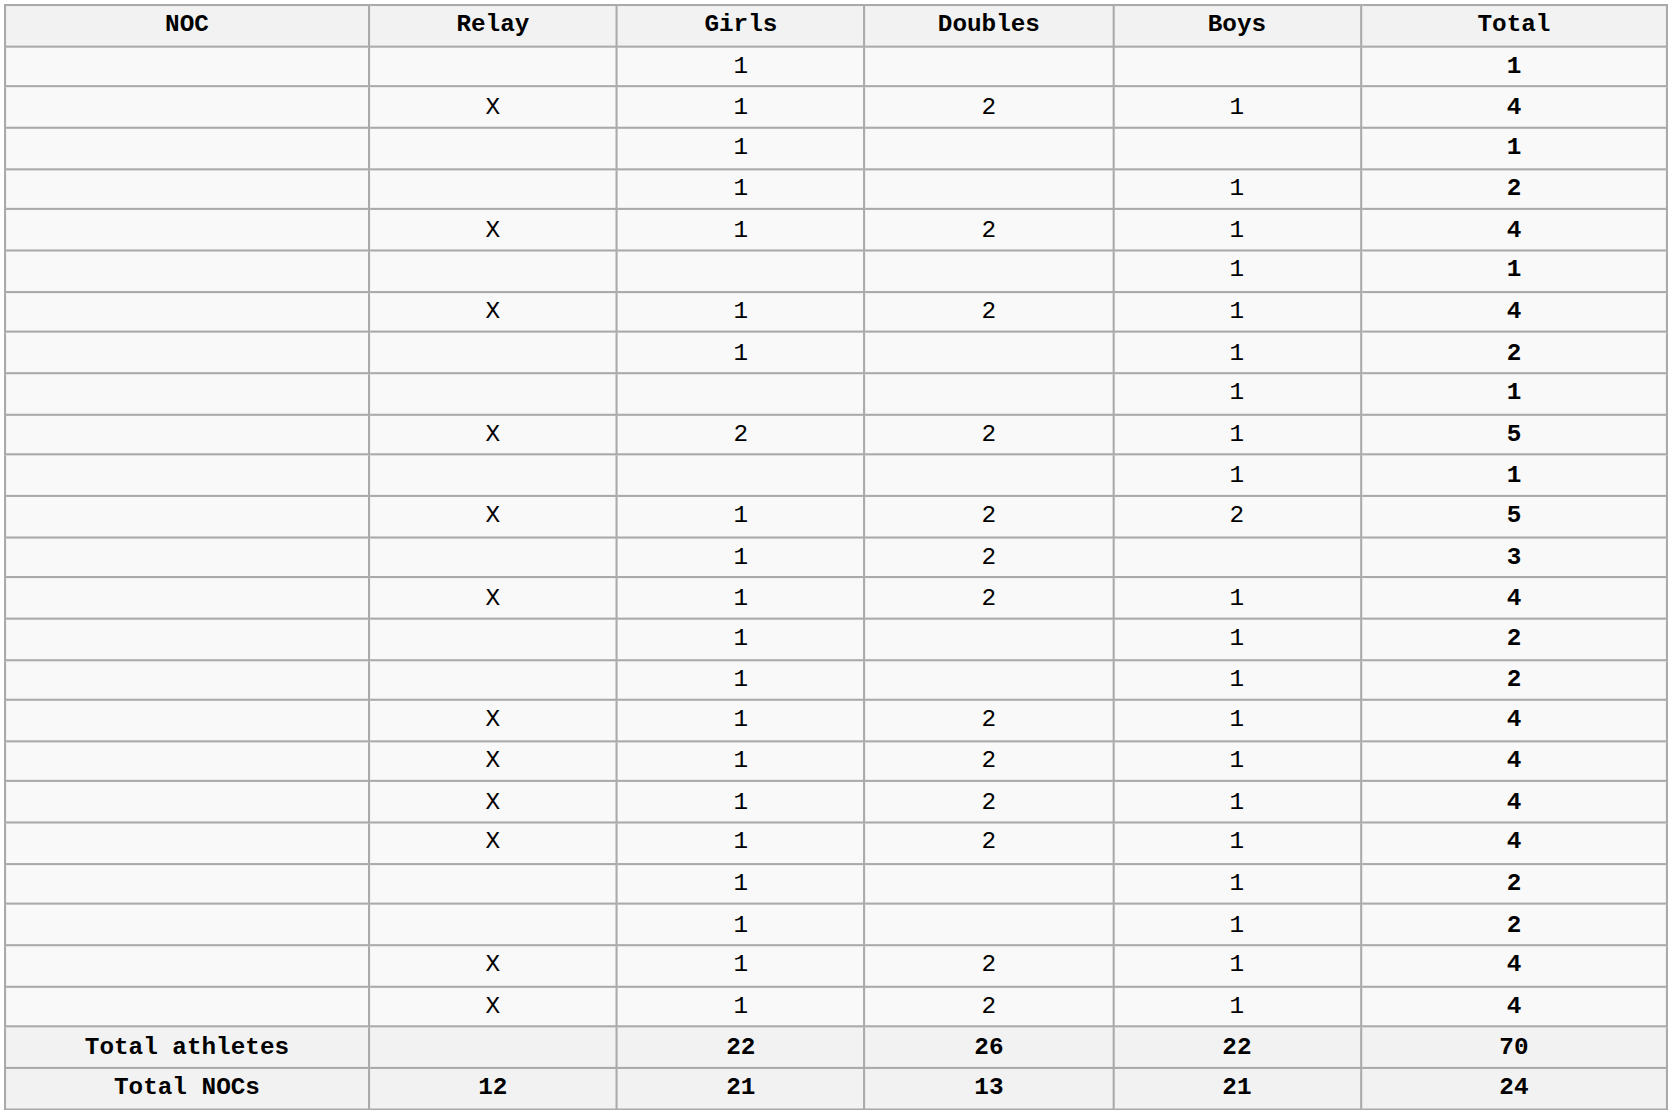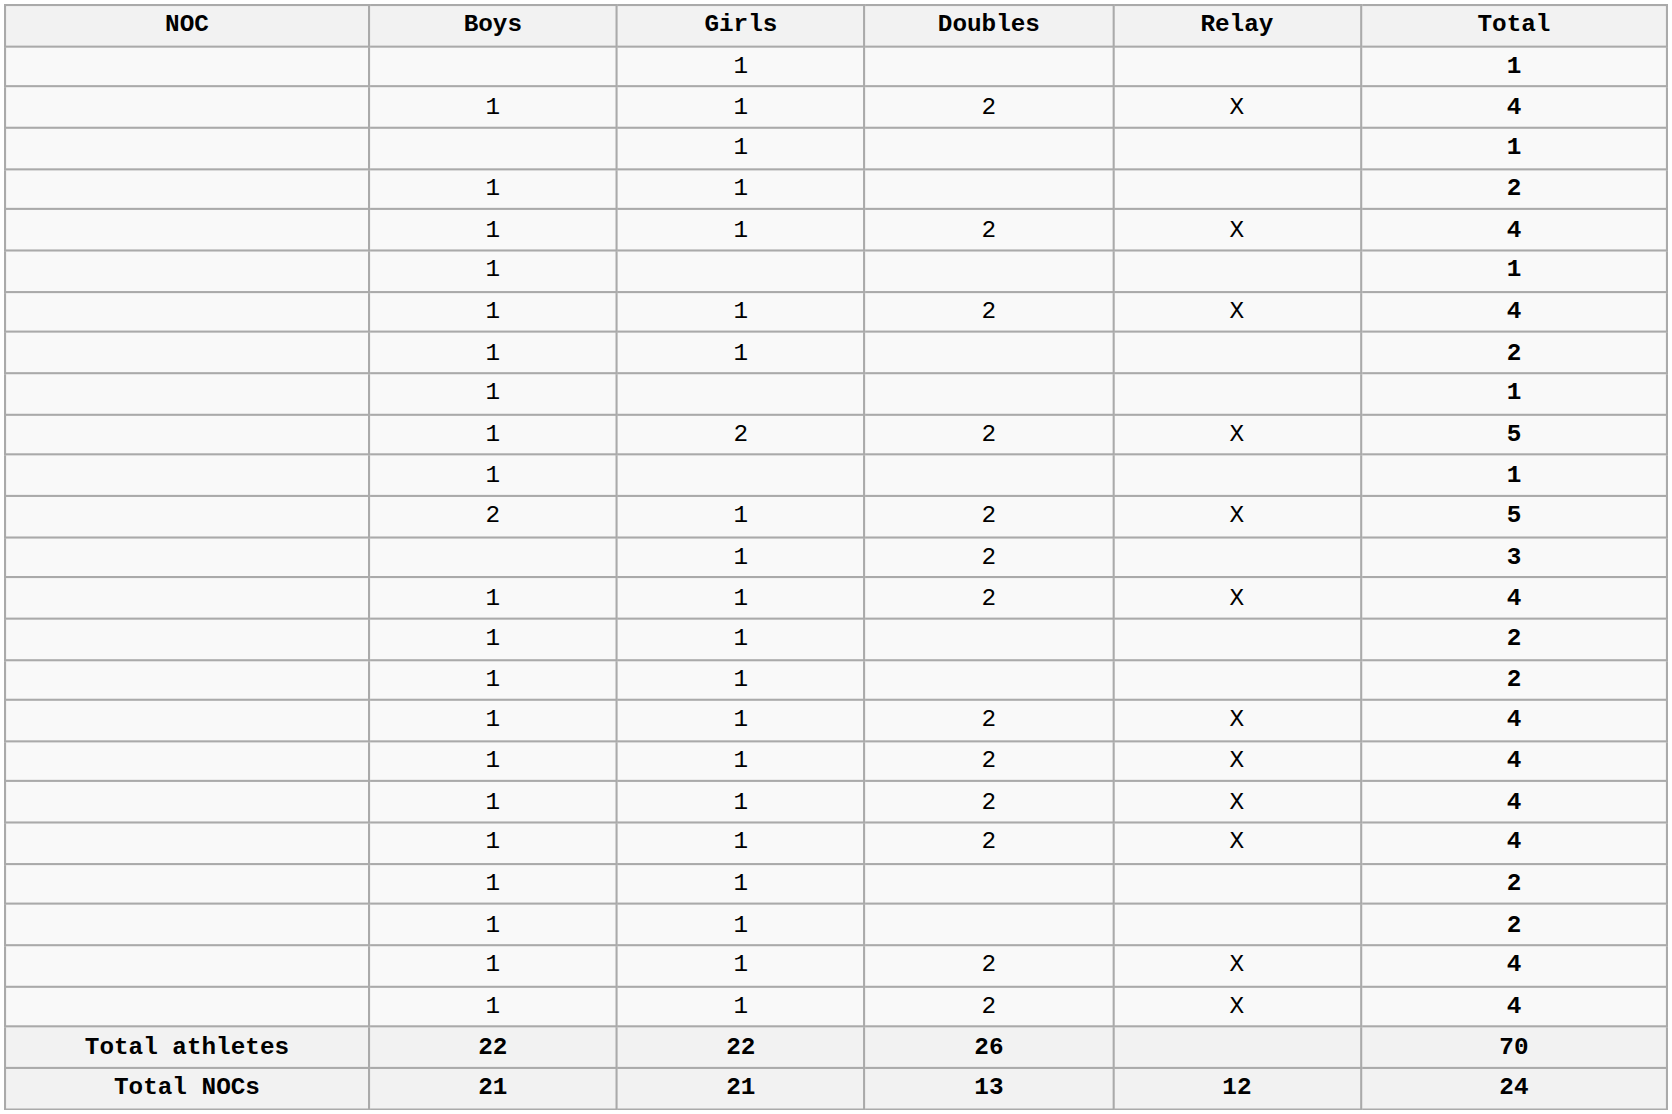 <table class="wikitable collapsible sortable"  style="width:800px; text-align:center; font-size:90%;">
 <tr>
 <th style="text-align:center; width:120px;"><strong>NOC </strong></th>
-<th width=80><strong>Relay</strong></th>
+<th width=80><strong>Boys</strong></th>
 <th width=80><strong>Girls</strong></th>
 <th width=80><strong>Doubles</strong></th>
-<th width=80><strong>Boys</strong></th>
+<th width=80><strong>Relay</strong></th>
 <th width=100><strong>Total</strong></th>
 </tr>
 <tr>
 <td align=left></td>
 <td></td>
 <td>1</td>
 <td></td>
 <td></td>
 <td><strong>1</strong></td>
 </tr>
 <tr>
 <td align=left></td>
-<td>X</td>
+<td>1</td>
 <td>1</td>
 <td>2</td>
-<td>1</td>
+<td>X</td>
 <td><strong>4</strong></td>
 </tr>
 <tr>
 <td align=left></td>
 <td></td>
 <td>1</td>
 <td></td>
 <td></td>
 <td><strong>1</strong></td>
 </tr>
 <tr>
 <td align=left></td>
-<td></td>
+<td>1</td>
 <td>1</td>
 <td></td>
-<td>1</td>
+<td></td>
 <td><strong>2</strong></td>
 </tr>
 <tr>
 <td align=left></td>
-<td>X</td>
+<td>1</td>
 <td>1</td>
 <td>2</td>
-<td>1</td>
+<td>X</td>
 <td><strong>4</strong></td>
 </tr>
 <tr>
 <td align=left></td>
+<td>1</td>
 <td></td>
 <td></td>
 <td></td>
-<td>1</td>
 <td><strong>1</strong></td>
 </tr>
 <tr>
 <td align=left></td>
-<td>X</td>
+<td>1</td>
 <td>1</td>
 <td>2</td>
-<td>1</td>
+<td>X</td>
 <td><strong>4</strong></td>
 </tr>
 <tr>
 <td align=left></td>
-<td></td>
+<td>1</td>
 <td>1</td>
 <td></td>
-<td>1</td>
+<td></td>
 <td><strong>2</strong></td>
 </tr>
 <tr>
 <td align=left></td>
+<td>1</td>
 <td></td>
 <td></td>
 <td></td>
-<td>1</td>
 <td><strong>1</strong></td>
 </tr>
 <tr>
 <td align=left></td>
-<td>X</td>
+<td>1</td>
 <td>2</td>
 <td>2</td>
-<td>1</td>
+<td>X</td>
 <td><strong>5</strong></td>
 </tr>
 <tr>
 <td align=left></td>
+<td>1</td>
 <td></td>
 <td></td>
 <td></td>
-<td>1</td>
 <td><strong>1</strong></td>
 </tr>
 <tr>
 <td align=left></td>
-<td>X</td>
+<td>2</td>
 <td>1</td>
 <td>2</td>
-<td>2</td>
+<td>X</td>
 <td><strong>5</strong></td>
 </tr>
 <tr>
 <td align=left></td>
 <td></td>
 <td>1</td>
 <td>2</td>
 <td></td>
 <td><strong>3</strong></td>
 </tr>
 <tr>
 <td align=left></td>
-<td>X</td>
+<td>1</td>
 <td>1</td>
 <td>2</td>
-<td>1</td>
+<td>X</td>
 <td><strong>4</strong></td>
 </tr>
 <tr>
 <td align=left></td>
-<td></td>
+<td>1</td>
 <td>1</td>
 <td></td>
-<td>1</td>
+<td></td>
 <td><strong>2</strong></td>
 </tr>
 <tr>
 <td align=left></td>
-<td></td>
+<td>1</td>
 <td>1</td>
 <td></td>
-<td>1</td>
+<td></td>
 <td><strong>2</strong></td>
 </tr>
 <tr>
 <td align=left></td>
-<td>X</td>
+<td>1</td>
 <td>1</td>
 <td>2</td>
-<td>1</td>
+<td>X</td>
 <td><strong>4</strong></td>
 </tr>
 <tr>
 <td align=left></td>
-<td>X</td>
+<td>1</td>
 <td>1</td>
 <td>2</td>
-<td>1</td>
+<td>X</td>
 <td><strong>4</strong></td>
 </tr>
 <tr>
 <td align=left></td>
-<td>X</td>
+<td>1</td>
 <td>1</td>
 <td>2</td>
-<td>1</td>
+<td>X</td>
 <td><strong>4</strong></td>
 </tr>
 <tr>
 <td align=left></td>
-<td>X</td>
+<td>1</td>
 <td>1</td>
 <td>2</td>
-<td>1</td>
+<td>X</td>
 <td><strong>4</strong></td>
 </tr>
 <tr>
 <td align=left></td>
-<td></td>
+<td>1</td>
 <td>1</td>
 <td></td>
-<td>1</td>
+<td></td>
 <td><strong>2</strong></td>
 </tr>
 <tr>
 <td align=left></td>
-<td></td>
+<td>1</td>
 <td>1</td>
 <td></td>
-<td>1</td>
+<td></td>
 <td><strong>2</strong></td>
 </tr>
 <tr>
 <td align=left></td>
-<td>X</td>
+<td>1</td>
 <td>1</td>
 <td>2</td>
-<td>1</td>
+<td>X</td>
 <td><strong>4</strong></td>
 </tr>
 <tr>
 <td align=left></td>
-<td>X</td>
+<td>1</td>
 <td>1</td>
 <td>2</td>
-<td>1</td>
+<td>X</td>
 <td><strong>4</strong></td>
 </tr>
 <tr class="sortbottom">
 <th>Total athletes</th>
-<th></th>
+<th>22</th>
 <th>22</th>
 <th>26</th>
-<th>22</th>
+<th></th>
 <th><strong>70</strong></th>
 </tr>
 <tr class="sortbottom">
 <th>Total NOCs</th>
-<th>12</th>
+<th>21</th>
 <th>21</th>
 <th>13</th>
-<th>21</th>
+<th>12</th>
 <th><strong>24</strong></th>
 </tr>
 </table>
